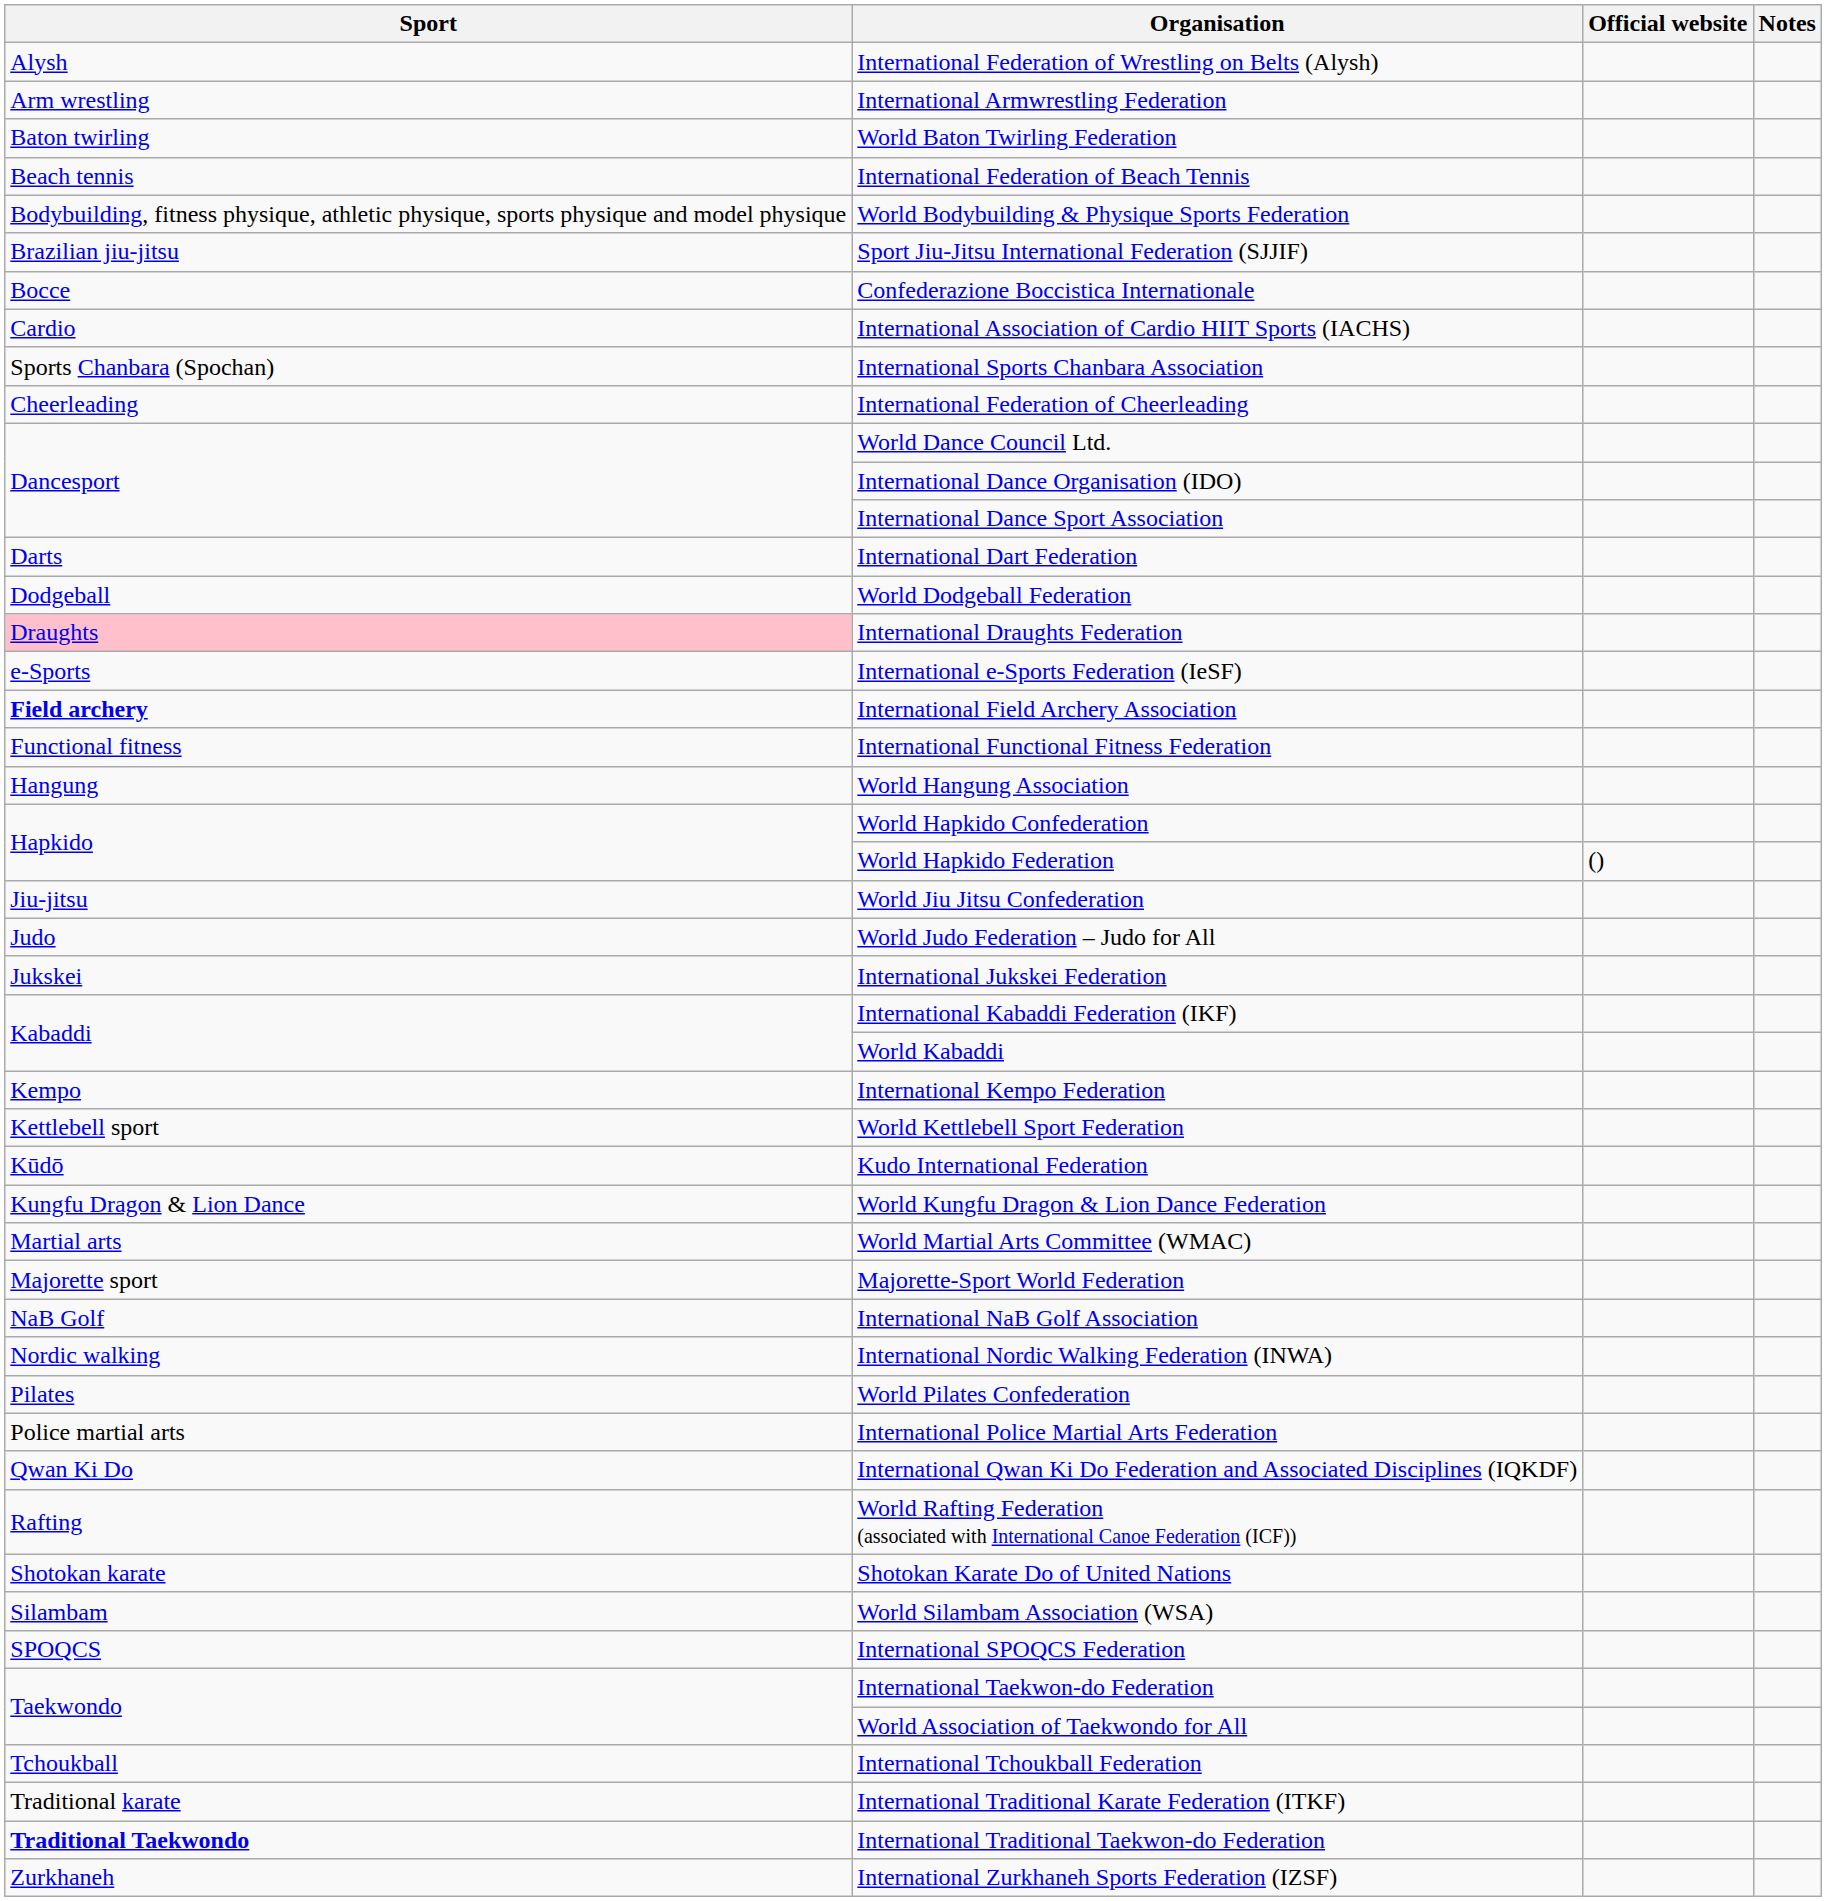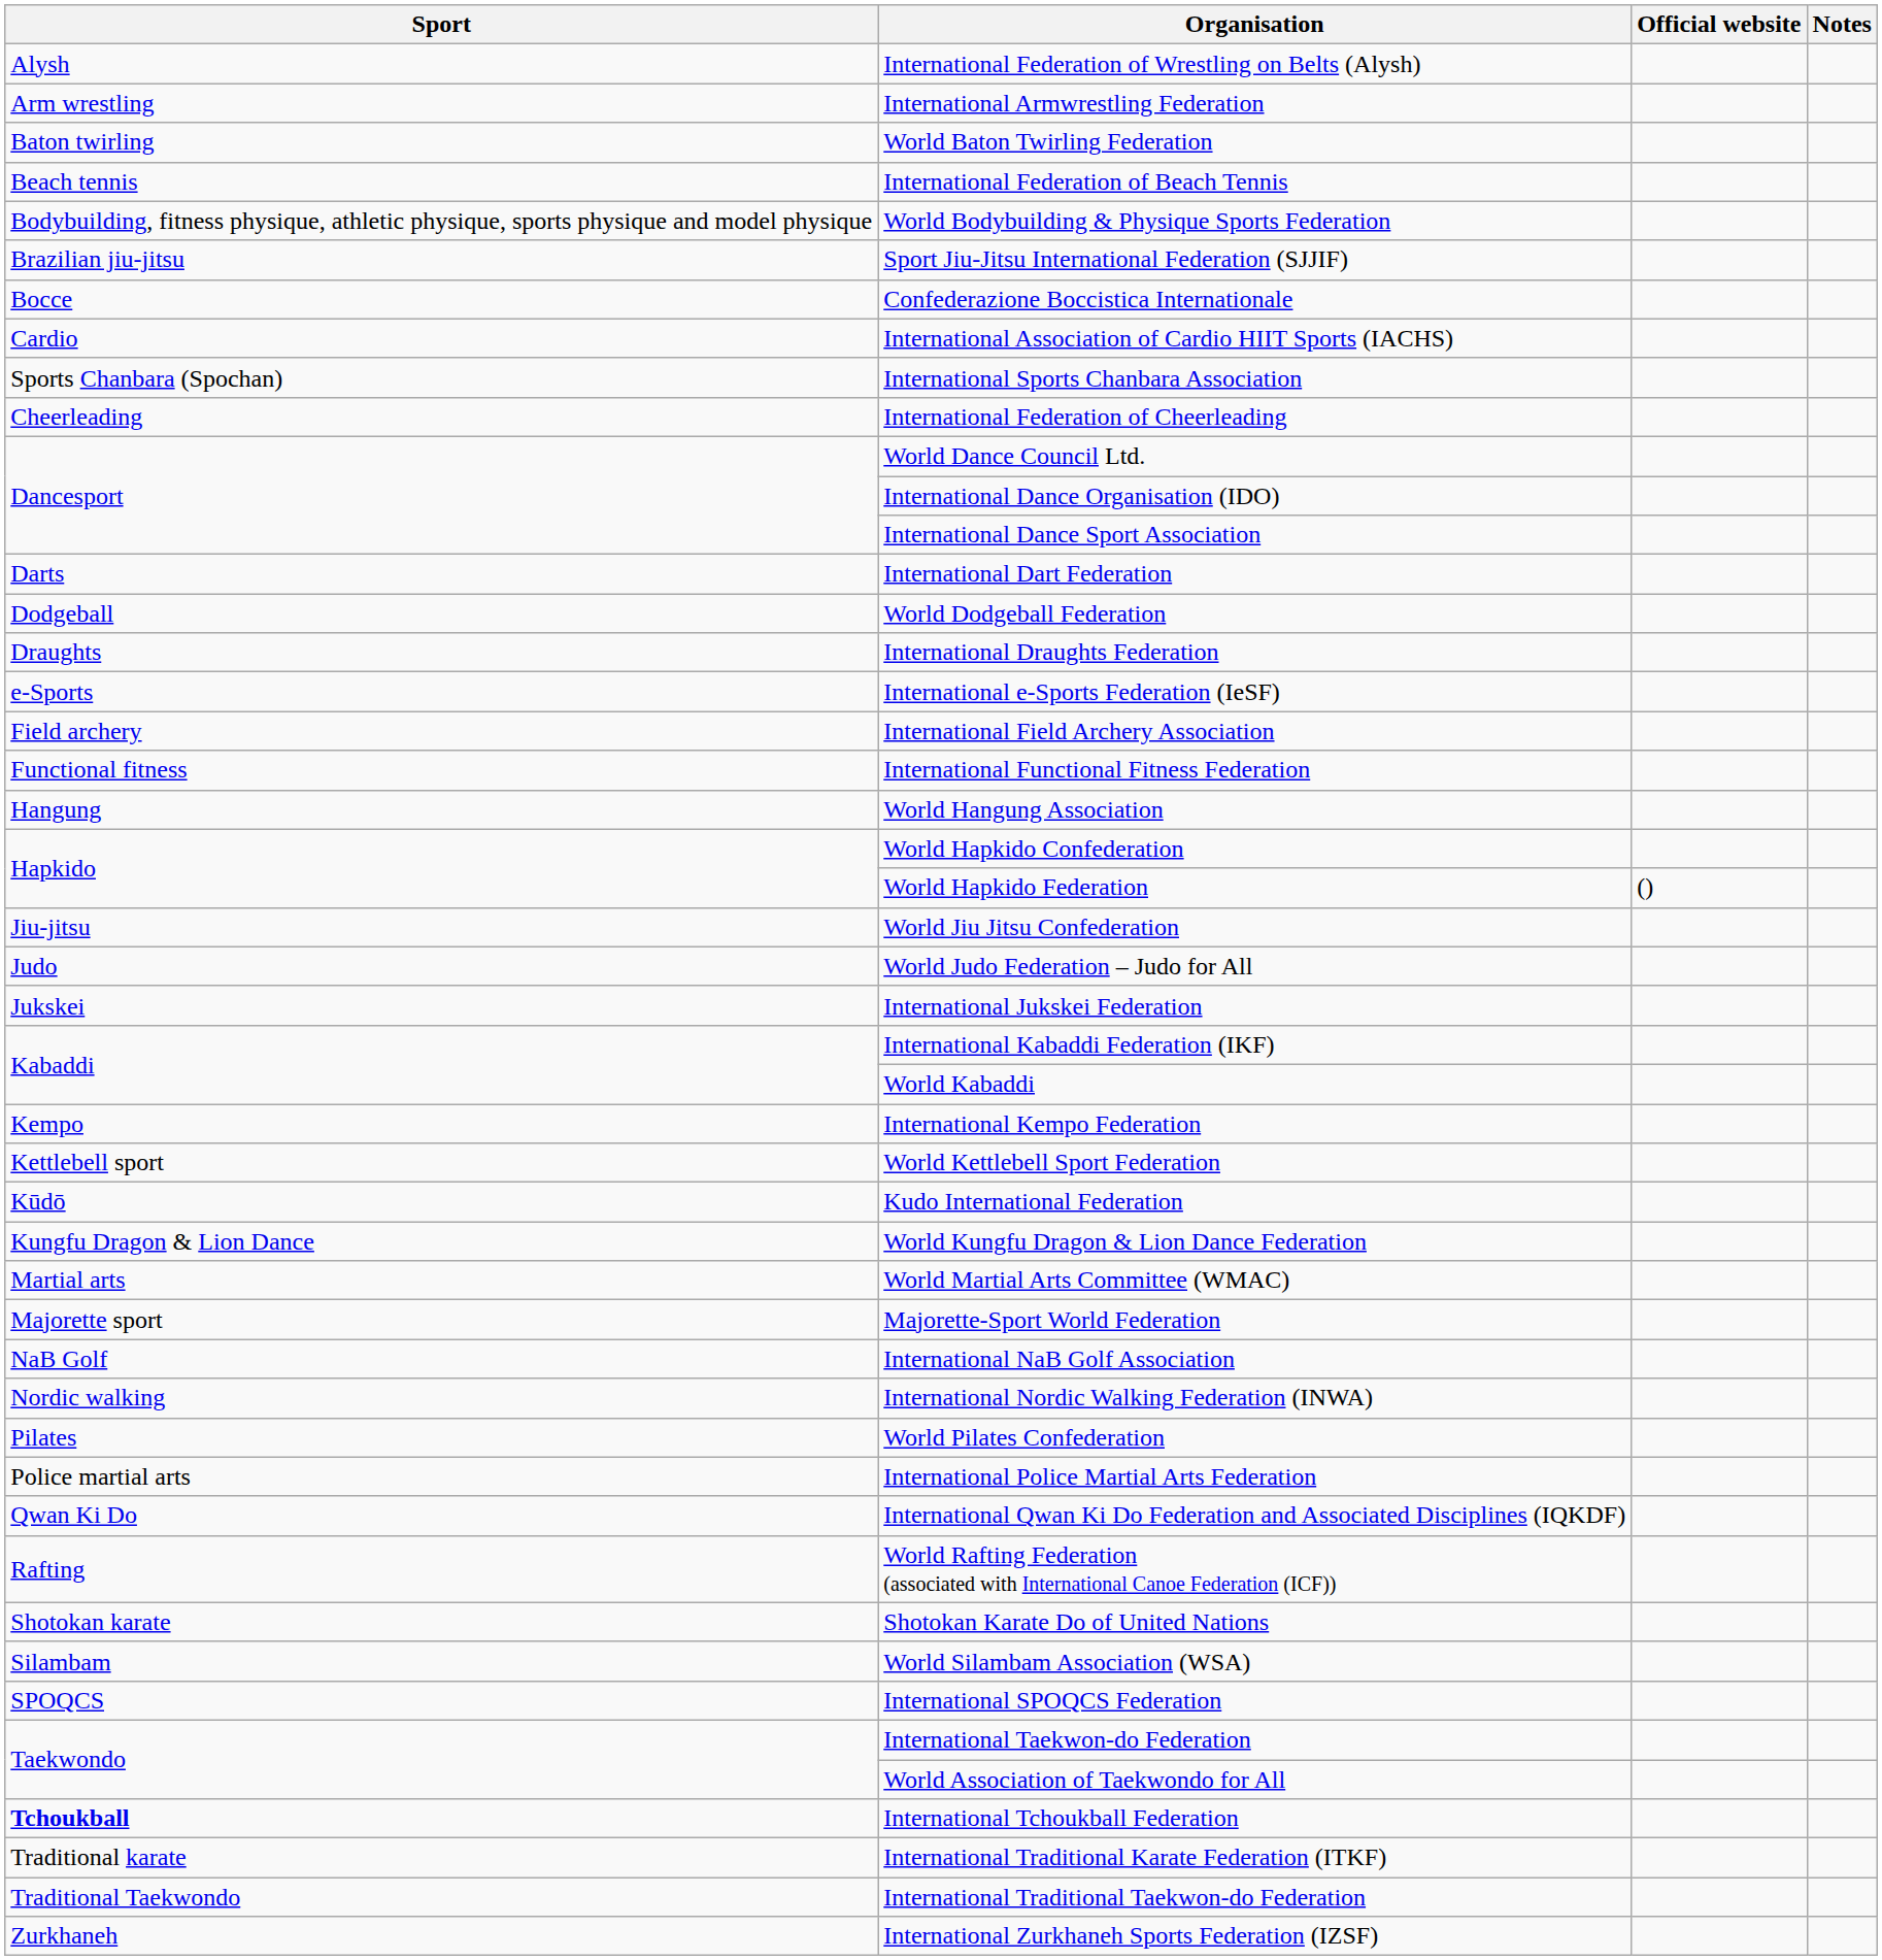 <table class="wikitable sortable">
 <tr>
 <th>Sport</th>
 <th>Organisation</th>
 <th>Official website</th>
 <th>Notes</th>
 </tr>
 <tr>
 <td><a href='#'>Alysh</a></td>
 <td><a href='#'>International Federation of Wrestling on Belts</a> (Alysh)</td>
 <td></td>
 <td></td>
 </tr>
 <tr>
 <td><a href='#'>Arm wrestling</a></td>
 <td><a href='#'>International Armwrestling Federation</a></td>
 <td></td>
 <td></td>
 </tr>
 <tr>
 <td><a href='#'>Baton twirling</a></td>
 <td><a href='#'>World Baton Twirling Federation</a></td>
 <td></td>
 <td></td>
 </tr>
 <tr>
 <td><a href='#'>Beach tennis</a></td>
 <td><a href='#'>International Federation of Beach Tennis</a></td>
 <td></td>
 <td></td>
 </tr>
 <tr>
 <td><a href='#'>Bodybuilding</a>, fitness physique, athletic physique, sports physique and model physique</td>
 <td><a href='#'>World Bodybuilding & Physique Sports Federation</a></td>
 <td></td>
 <td></td>
 </tr>
 <tr>
 <td><a href='#'>Brazilian jiu-jitsu</a></td>
 <td><a href='#'>Sport Jiu-Jitsu International Federation</a> (SJJIF)</td>
 <td></td>
 <td></td>
 </tr>
 <tr>
 <td><a href='#'>Bocce</a></td>
 <td><a href='#'>Confederazione Boccistica Internationale</a></td>
 <td></td>
 <td></td>
 </tr>
 <tr>
 <td><a href='#'>Cardio</a></td>
 <td><a href='#'>International Association of Cardio HIIT Sports</a> (IACHS)</td>
 <td></td>
 <td></td>
 </tr>
 <tr>
 <td>Sports <a href='#'>Chanbara</a> (Spochan)</td>
 <td><a href='#'>International Sports Chanbara Association</a></td>
 <td></td>
 <td></td>
 </tr>
 <tr>
 <td><a href='#'>Cheerleading</a></td>
 <td><a href='#'>International Federation of Cheerleading</a></td>
 <td></td>
 <td></td>
 </tr>
 <tr>
 <td rowspan="3"><a href='#'>Dancesport</a></td>
 <td><a href='#'>World Dance Council</a> Ltd.</td>
 <td></td>
 <td></td>
 </tr>
 <tr>
 <td><a href='#'>International Dance Organisation</a> (IDO)</td>
 <td></td>
 <td></td>
 </tr>
 <tr>
 <td><a href='#'>International Dance Sport Association</a></td>
 <td></td>
 <td></td>
 </tr>
 <tr>
 <td><a href='#'>Darts</a></td>
 <td><a href='#'>International Dart Federation</a></td>
 <td></td>
 <td></td>
 </tr>
 <tr>
 <td><a href='#'>Dodgeball</a></td>
 <td><a href='#'>World Dodgeball Federation</a></td>
 <td></td>
 <td></td>
 </tr>
 <tr>
-<td style="background: pink;"><a href='#'>Draughts</a></td>
+<td><a href='#'>Draughts</a></td>
 <td><a href='#'>International Draughts Federation</a></td>
 <td></td>
 <td></td>
 </tr>
 <tr>
 <td><a href='#'>e-Sports</a></td>
 <td><a href='#'>International e-Sports Federation</a> (IeSF)</td>
 <td></td>
 <td></td>
 </tr>
 <tr>
-<td><strong><a href='#'>Field archery</a></strong></td>
+<td><a href='#'>Field archery</a></td>
 <td><a href='#'>International Field Archery Association</a></td>
 <td></td>
 <td></td>
 </tr>
 <tr>
 <td><a href='#'>Functional fitness</a></td>
 <td><a href='#'>International Functional Fitness Federation</a></td>
 <td></td>
 <td></td>
 </tr>
 <tr>
 <td><a href='#'>Hangung</a></td>
 <td><a href='#'>World Hangung Association</a></td>
 <td></td>
 <td></td>
 </tr>
 <tr>
 <td rowspan="2"><a href='#'>Hapkido</a></td>
 <td><a href='#'>World Hapkido Confederation</a></td>
 <td></td>
 <td></td>
 </tr>
 <tr>
 <td><a href='#'>World Hapkido Federation</a></td>
 <td>()</td>
 <td></td>
 </tr>
 <tr>
 <td><a href='#'>Jiu-jitsu</a></td>
 <td><a href='#'>World Jiu Jitsu Confederation</a></td>
 <td></td>
 <td></td>
 </tr>
 <tr>
 <td><a href='#'>Judo</a></td>
 <td><a href='#'>World Judo Federation</a> – Judo for All</td>
 <td></td>
 <td></td>
 </tr>
 <tr>
 <td><a href='#'>Jukskei</a></td>
 <td><a href='#'>International Jukskei Federation</a></td>
 <td></td>
 <td></td>
 </tr>
 <tr>
 <td rowspan="2"><a href='#'>Kabaddi</a></td>
 <td><a href='#'>International Kabaddi Federation</a> (IKF)</td>
 <td></td>
 <td></td>
 </tr>
 <tr>
 <td><a href='#'>World Kabaddi</a></td>
 <td></td>
 <td></td>
 </tr>
 <tr>
 <td><a href='#'>Kempo</a></td>
 <td><a href='#'>International Kempo Federation</a></td>
 <td></td>
 <td></td>
 </tr>
 <tr>
 <td><a href='#'>Kettlebell</a> sport</td>
 <td><a href='#'>World Kettlebell Sport Federation</a></td>
 <td></td>
 <td></td>
 </tr>
 <tr>
 <td><a href='#'>Kūdō</a></td>
 <td><a href='#'>Kudo International Federation</a></td>
 <td></td>
 <td></td>
 </tr>
 <tr>
 <td><a href='#'>Kungfu Dragon</a> & <a href='#'>Lion Dance</a></td>
 <td><a href='#'>World Kungfu Dragon & Lion Dance Federation</a></td>
 <td></td>
 <td></td>
 </tr>
 <tr>
 <td><a href='#'>Martial arts</a></td>
 <td><a href='#'>World Martial Arts Committee</a> (WMAC)</td>
 <td></td>
 <td></td>
 </tr>
 <tr>
 <td><a href='#'>Majorette</a> sport</td>
 <td><a href='#'>Majorette-Sport World Federation</a></td>
 <td></td>
 <td></td>
 </tr>
 <tr>
 <td><a href='#'>NaB Golf</a></td>
 <td><a href='#'>International NaB Golf Association</a></td>
 <td></td>
 <td></td>
 </tr>
 <tr>
 <td><a href='#'>Nordic walking</a></td>
 <td><a href='#'>International Nordic Walking Federation</a> (INWA)</td>
 <td></td>
 <td></td>
 </tr>
 <tr>
 <td><a href='#'>Pilates</a></td>
 <td><a href='#'>World Pilates Confederation</a></td>
 <td></td>
 <td></td>
 </tr>
 <tr>
 <td>Police martial arts</td>
 <td><a href='#'>International Police Martial Arts Federation</a></td>
 <td></td>
 <td></td>
 </tr>
 <tr>
 <td><a href='#'>Qwan Ki Do</a></td>
 <td><a href='#'>International Qwan Ki Do Federation and Associated Disciplines</a> (IQKDF)</td>
 <td></td>
 <td></td>
 </tr>
 <tr>
 <td><a href='#'>Rafting</a></td>
 <td><a href='#'>World Rafting Federation</a><br><small> (associated with <a href='#'>International Canoe Federation</a> (ICF))</small></td>
 <td></td>
 <td></td>
 </tr>
 <tr>
 <td><a href='#'>Shotokan karate</a></td>
 <td><a href='#'>Shotokan Karate Do of United Nations</a></td>
 <td></td>
 <td></td>
 </tr>
 <tr>
 <td><a href='#'>Silambam</a></td>
 <td><a href='#'>World Silambam Association</a> (WSA)</td>
 <td></td>
 <td></td>
 </tr>
 <tr>
 <td><a href='#'>SPOQCS</a></td>
 <td><a href='#'>International SPOQCS Federation</a></td>
 <td></td>
 <td></td>
 </tr>
 <tr>
 <td rowspan="2"><a href='#'>Taekwondo</a></td>
 <td><a href='#'>International Taekwon-do Federation</a></td>
 <td></td>
 <td></td>
 </tr>
 <tr>
 <td><a href='#'>World Association of Taekwondo for All</a></td>
 <td></td>
 <td></td>
 </tr>
 <tr>
-<td><a href='#'>Tchoukball</a></td>
+<td><strong><a href='#'>Tchoukball</a></strong></td>
 <td><a href='#'>International Tchoukball Federation</a></td>
 <td></td>
 <td></td>
 </tr>
 <tr>
 <td>Traditional <a href='#'>karate</a></td>
 <td><a href='#'>International Traditional Karate Federation</a> (ITKF)</td>
 <td></td>
 <td></td>
 </tr>
 <tr>
-<td><strong><a href='#'>Traditional Taekwondo</a></strong></td>
+<td><a href='#'>Traditional Taekwondo</a></td>
 <td><a href='#'>International Traditional Taekwon-do Federation</a></td>
 <td></td>
 <td></td>
 </tr>
 <tr>
 <td><a href='#'>Zurkhaneh</a></td>
 <td><a href='#'>International Zurkhaneh Sports Federation</a> (IZSF)</td>
 <td></td>
 <td></td>
 </tr>
 </table>
